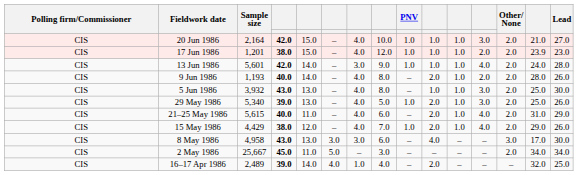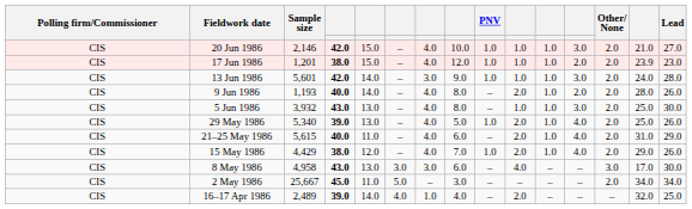 <table class="wikitable collapsible collapsed" style="text-align:center; font-size:90%; line-height:14px;">
 <tr style="height:42px;">
 <th style="width:250px;" rowspan="2">Polling firm/Commissioner</th>
 <th style="width:125px;" rowspan="2">Fieldwork date</th>
 <th style="width:50px;" rowspan="2">Sample size</th>
 <th style="width:35px;"></th>
 <th style="width:35px;"></th>
 <th style="width:35px;"></th>
 <th style="width:35px;"></th>
 <th style="width:35px;"></th>
 <th style="width:35px;"><a href='#'>PNV</a></th>
 <th style="width:35px;"></th>
 <th style="width:35px;"></th>
 <th style="width:35px;"></th>
 <th style="width:35px;" rowspan="2">Other/<br>None</th>
 <th style="width:35px;" rowspan="2"></th>
 <th style="width:30px;" rowspan="2">Lead</th>
 </tr>
 <tr>
 <th style="color:inherit;background:"></th>
 <th style="color:inherit;background:"></th>
 <th style="color:inherit;background:"></th>
 <th style="color:inherit;background:"></th>
 <th style="color:inherit;background:"></th>
 <th style="color:inherit;background:"></th>
 <th style="color:inherit;background:"></th>
 <th style="color:inherit;background:"></th>
 <th style="color:inherit;background:"></th>
 </tr>
 <tr style="background:#FFEAEA;">
 <td>CIS</td>
 <td>20 Jun 1986</td>
-<td>2,164</td>
+<td>2,146</td>
 <td><strong>42.0</strong></td>
 <td>15.0</td>
 <td>–</td>
 <td>4.0</td>
 <td>10.0</td>
 <td>1.0</td>
 <td>1.0</td>
 <td>1.0</td>
 <td>3.0</td>
 <td>2.0</td>
 <td>21.0</td>
 <td style="background:">27.0</td>
 </tr>
 <tr style="background:#FFEAEA;">
 <td>CIS</td>
 <td>17 Jun 1986</td>
 <td>1,201</td>
 <td><strong>38.0</strong></td>
 <td>15.0</td>
 <td>–</td>
 <td>4.0</td>
 <td>12.0</td>
 <td>1.0</td>
 <td>1.0</td>
 <td>1.0</td>
 <td>2.0</td>
 <td>2.0</td>
 <td>23.9</td>
 <td style="background:">23.0</td>
 </tr>
 <tr>
 <td>CIS</td>
 <td>13 Jun 1986</td>
 <td>5,601</td>
 <td><strong>42.0</strong></td>
 <td>14.0</td>
 <td>–</td>
 <td>3.0</td>
 <td>9.0</td>
 <td>1.0</td>
 <td>1.0</td>
 <td>1.0</td>
-<td>4.0</td>
+<td>3.0</td>
 <td>2.0</td>
 <td>24.0</td>
 <td style="background:">28.0</td>
 </tr>
 <tr>
 <td>CIS</td>
 <td>9 Jun 1986</td>
 <td>1,193</td>
 <td><strong>40.0</strong></td>
 <td>14.0</td>
 <td>–</td>
 <td>4.0</td>
 <td>8.0</td>
 <td>–</td>
 <td>2.0</td>
 <td>1.0</td>
 <td>2.0</td>
 <td>2.0</td>
 <td>28.0</td>
 <td style="background:">26.0</td>
 </tr>
 <tr>
 <td>CIS</td>
 <td>5 Jun 1986</td>
 <td>3,932</td>
 <td><strong>43.0</strong></td>
 <td>13.0</td>
 <td>–</td>
 <td>4.0</td>
 <td>8.0</td>
 <td>–</td>
 <td>1.0</td>
 <td>1.0</td>
 <td>3.0</td>
 <td>2.0</td>
 <td>25.0</td>
 <td style="background:">30.0</td>
 </tr>
 <tr>
 <td>CIS</td>
 <td>29 May 1986</td>
 <td>5,340</td>
 <td><strong>39.0</strong></td>
 <td>13.0</td>
 <td>–</td>
 <td>4.0</td>
 <td>5.0</td>
 <td>1.0</td>
 <td>2.0</td>
 <td>1.0</td>
-<td>3.0</td>
+<td>4.0</td>
 <td>2.0</td>
 <td>25.0</td>
 <td style="background:">26.0</td>
 </tr>
 <tr>
 <td>CIS</td>
 <td>21–25 May 1986</td>
 <td>5,615</td>
 <td><strong>40.0</strong></td>
 <td>11.0</td>
 <td>–</td>
 <td>4.0</td>
 <td>6.0</td>
 <td>–</td>
 <td>2.0</td>
 <td>1.0</td>
 <td>4.0</td>
 <td>2.0</td>
 <td>31.0</td>
 <td style="background:">29.0</td>
 </tr>
 <tr>
 <td>CIS</td>
 <td>15 May 1986</td>
 <td>4,429</td>
 <td><strong>38.0</strong></td>
 <td>12.0</td>
 <td>–</td>
 <td>4.0</td>
 <td>7.0</td>
 <td>1.0</td>
 <td>2.0</td>
 <td>1.0</td>
 <td>4.0</td>
 <td>2.0</td>
 <td>29.0</td>
 <td style="background:">26.0</td>
 </tr>
 <tr>
 <td>CIS</td>
 <td>8 May 1986</td>
 <td>4,958</td>
 <td><strong>43.0</strong></td>
 <td>13.0</td>
 <td>3.0</td>
 <td>3.0</td>
 <td>6.0</td>
 <td>–</td>
 <td>4.0</td>
 <td>–</td>
 <td>–</td>
 <td>3.0</td>
 <td>17.0</td>
 <td style="background:">30.0</td>
 </tr>
 <tr>
 <td>CIS</td>
 <td>2 May 1986</td>
 <td>25,667</td>
 <td><strong>45.0</strong></td>
 <td>11.0</td>
 <td>5.0</td>
 <td>–</td>
 <td>3.0</td>
 <td>–</td>
 <td>–</td>
 <td>–</td>
 <td>–</td>
 <td>2.0</td>
 <td>34.0</td>
 <td style="background:">34.0</td>
 </tr>
 <tr>
 <td>CIS</td>
 <td>16–17 Apr 1986</td>
 <td>2,489</td>
 <td><strong>39.0</strong></td>
 <td>14.0</td>
 <td>4.0</td>
 <td>1.0</td>
 <td>4.0</td>
 <td>–</td>
 <td>2.0</td>
 <td>–</td>
 <td>–</td>
 <td>–</td>
 <td>32.0</td>
 <td style="background:">25.0</td>
 </tr>
 </table>
